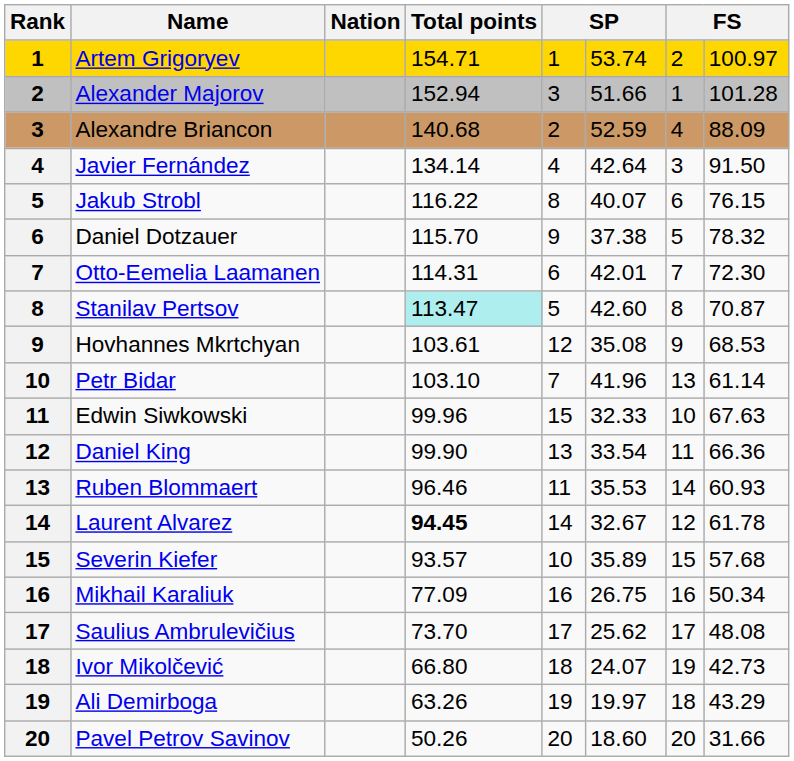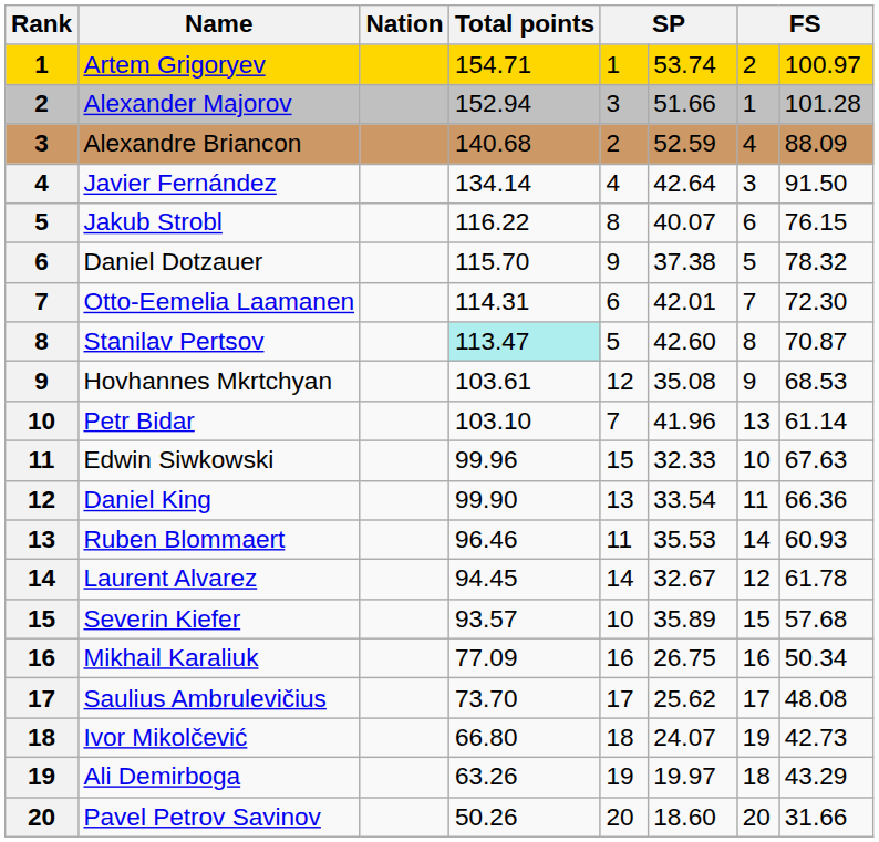 <table class="wikitable">
 <tr>
 <th>Rank</th>
 <th>Name</th>
 <th>Nation</th>
 <th>Total points</th>
 <th colspan="2" width="80px">SP</th>
 <th colspan="2" width="80px">FS</th>
 </tr>
 <tr bgcolor="gold">
 <td align="center"><strong>1</strong></td>
 <td><a href='#'>Artem Grigoryev</a></td>
 <td></td>
 <td>154.71</td>
 <td>1</td>
 <td>53.74</td>
 <td>2</td>
 <td>100.97</td>
 </tr>
 <tr bgcolor="silver">
 <td align="center"><strong>2</strong></td>
 <td><a href='#'>Alexander Majorov</a></td>
 <td></td>
 <td>152.94</td>
 <td>3</td>
 <td>51.66</td>
 <td>1</td>
 <td>101.28</td>
 </tr>
 <tr bgcolor="cc9966">
 <td align="center"><strong>3</strong></td>
 <td>Alexandre Briancon</td>
 <td></td>
 <td>140.68</td>
 <td>2</td>
 <td>52.59</td>
 <td>4</td>
 <td>88.09</td>
 </tr>
 <tr>
 <th>4</th>
 <td><a href='#'>Javier Fernández</a></td>
 <td></td>
 <td>134.14</td>
 <td>4</td>
 <td>42.64</td>
 <td>3</td>
 <td>91.50</td>
 </tr>
 <tr>
 <th>5</th>
 <td><a href='#'>Jakub Strobl</a></td>
 <td></td>
 <td>116.22</td>
 <td>8</td>
 <td>40.07</td>
 <td>6</td>
 <td>76.15</td>
 </tr>
 <tr>
 <th>6</th>
 <td>Daniel Dotzauer</td>
 <td></td>
 <td>115.70</td>
 <td>9</td>
 <td>37.38</td>
 <td>5</td>
 <td>78.32</td>
 </tr>
 <tr>
 <th>7</th>
 <td><a href='#'>Otto-Eemelia Laamanen</a></td>
 <td></td>
 <td>114.31</td>
 <td>6</td>
 <td>42.01</td>
 <td>7</td>
 <td>72.30</td>
 </tr>
 <tr>
 <th>8</th>
 <td><a href='#'>Stanilav Pertsov</a></td>
 <td></td>
 <td style="background: paleturquoise;">113.47</td>
 <td>5</td>
 <td>42.60</td>
 <td>8</td>
 <td>70.87</td>
 </tr>
 <tr>
 <th>9</th>
 <td>Hovhannes Mkrtchyan</td>
 <td></td>
 <td>103.61</td>
 <td>12</td>
 <td>35.08</td>
 <td>9</td>
 <td>68.53</td>
 </tr>
 <tr>
 <th>10</th>
 <td><a href='#'>Petr Bidar</a></td>
 <td></td>
 <td>103.10</td>
 <td>7</td>
 <td>41.96</td>
 <td>13</td>
 <td>61.14</td>
 </tr>
 <tr>
 <th>11</th>
 <td>Edwin Siwkowski</td>
 <td></td>
 <td>99.96</td>
 <td>15</td>
 <td>32.33</td>
 <td>10</td>
 <td>67.63</td>
 </tr>
 <tr>
 <th>12</th>
 <td><a href='#'>Daniel King</a></td>
 <td></td>
 <td>99.90</td>
 <td>13</td>
 <td>33.54</td>
 <td>11</td>
 <td>66.36</td>
 </tr>
 <tr>
 <th>13</th>
 <td><a href='#'>Ruben Blommaert</a></td>
 <td></td>
 <td>96.46</td>
 <td>11</td>
 <td>35.53</td>
 <td>14</td>
 <td>60.93</td>
 </tr>
 <tr>
 <th>14</th>
 <td><a href='#'>Laurent Alvarez</a></td>
 <td></td>
-<td><strong>94.45</strong></td>
+<td>94.45</td>
 <td>14</td>
 <td>32.67</td>
 <td>12</td>
 <td>61.78</td>
 </tr>
 <tr>
 <th>15</th>
 <td><a href='#'>Severin Kiefer</a></td>
 <td></td>
 <td>93.57</td>
 <td>10</td>
 <td>35.89</td>
 <td>15</td>
 <td>57.68</td>
 </tr>
 <tr>
 <th>16</th>
 <td><a href='#'>Mikhail Karaliuk</a></td>
 <td></td>
 <td>77.09</td>
 <td>16</td>
 <td>26.75</td>
 <td>16</td>
 <td>50.34</td>
 </tr>
 <tr>
 <th>17</th>
 <td><a href='#'>Saulius Ambrulevičius</a></td>
 <td></td>
 <td>73.70</td>
 <td>17</td>
 <td>25.62</td>
 <td>17</td>
 <td>48.08</td>
 </tr>
 <tr>
 <th>18</th>
 <td><a href='#'>Ivor Mikolčević</a></td>
 <td></td>
 <td>66.80</td>
 <td>18</td>
 <td>24.07</td>
 <td>19</td>
 <td>42.73</td>
 </tr>
 <tr>
 <th>19</th>
 <td><a href='#'>Ali Demirboga</a></td>
 <td></td>
 <td>63.26</td>
 <td>19</td>
 <td>19.97</td>
 <td>18</td>
 <td>43.29</td>
 </tr>
 <tr>
 <th>20</th>
 <td><a href='#'>Pavel Petrov Savinov</a></td>
 <td></td>
 <td>50.26</td>
 <td>20</td>
 <td>18.60</td>
 <td>20</td>
 <td>31.66</td>
 </tr>
 </table>
